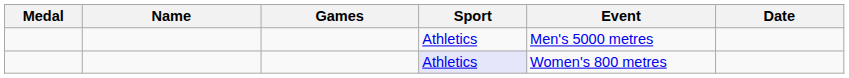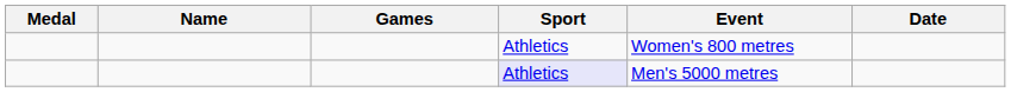 <table class="wikitable sortable" style="font-size:90%">
 <tr>
 <th width="70">Medal</th>
 <th width="170">Name</th>
 <th width="150">Games</th>
 <th width="100">Sport</th>
 <th width="180">Event</th>
 <th width="120">Date</th>
 </tr>
 <tr>
 <td></td>
 <td></td>
 <td></td>
 <td> <a href='#'>Athletics</a></td>
-<td><a href='#'>Men's 5000 metres</a></td>
+<td><a href='#'>Women's 800 metres</a></td>
 <td></td>
 </tr>
 <tr>
 <td></td>
 <td></td>
 <td></td>
 <td style="background: lavender;"> <a href='#'>Athletics</a></td>
-<td><a href='#'>Women's 800 metres</a></td>
+<td><a href='#'>Men's 5000 metres</a></td>
 <td></td>
 </tr>
 </table>
